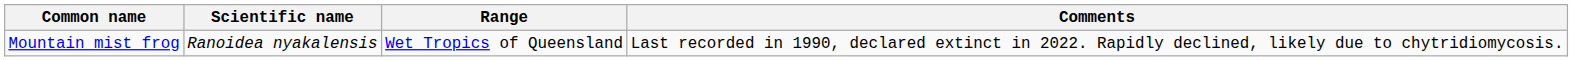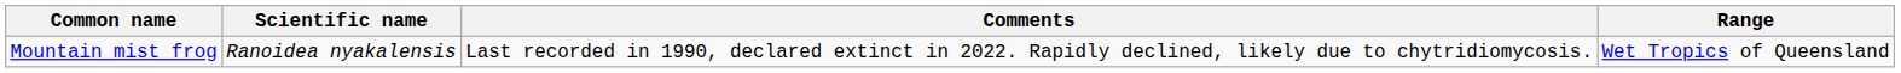 <table class="wikitable">
 <tr>
 <th>Common name</th>
 <th>Scientific name</th>
+<th class="unsortable">Comments</th>
 <th>Range</th>
-<th class="unsortable">Comments</th>
 </tr>
 <tr>
 <td><a href='#'>Mountain mist frog</a></td>
 <td><em>Ranoidea nyakalensis</em></td>
+<td>Last recorded in 1990, declared extinct in 2022. Rapidly declined, likely due to chytridiomycosis.</td>
 <td><a href='#'>Wet Tropics</a> of Queensland</td>
-<td>Last recorded in 1990, declared extinct in 2022. Rapidly declined, likely due to chytridiomycosis.</td>
 </tr>
 </table>
